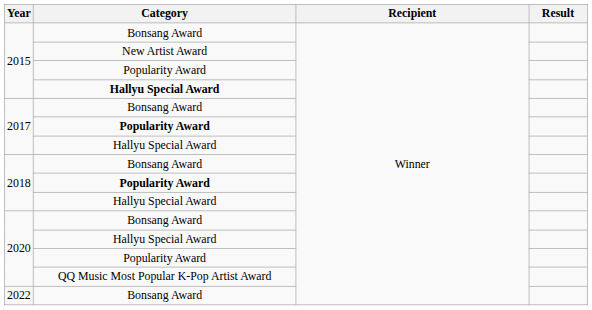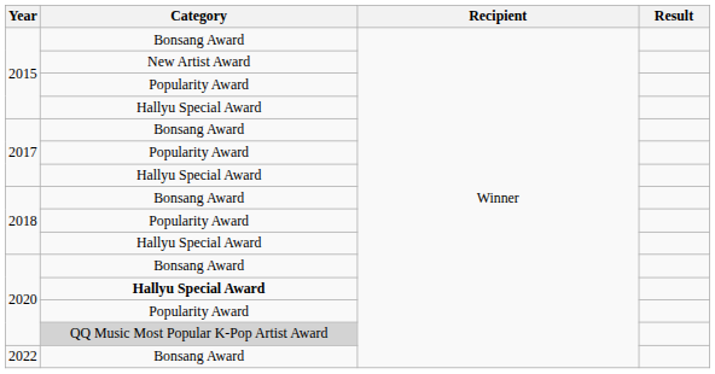 <table class="wikitable" style="text-align:center">
 <tr>
 <th width="5%">Year</th>
 <th width="45%">Category</th>
 <th width="40%">Recipient</th>
 <th width="10%">Result</th>
 </tr>
 <tr>
 <td rowspan="4">2015</td>
 <td>Bonsang Award</td>
 <td rowspan="15">Winner</td>
 <td></td>
 </tr>
 <tr>
 <td>New Artist Award</td>
 <td></td>
 </tr>
 <tr>
 <td>Popularity Award</td>
 <td></td>
 </tr>
 <tr>
-<td><strong>Hallyu Special Award</strong></td>
+<td>Hallyu Special Award</td>
 <td></td>
 </tr>
 <tr>
 <td rowspan="3">2017</td>
 <td>Bonsang Award</td>
 <td></td>
 </tr>
 <tr>
-<td><strong>Popularity Award</strong></td>
+<td>Popularity Award</td>
 <td></td>
 </tr>
 <tr>
 <td>Hallyu Special Award</td>
 <td></td>
 </tr>
 <tr>
 <td rowspan="3">2018</td>
 <td>Bonsang Award</td>
 <td></td>
 </tr>
 <tr>
-<td><strong>Popularity Award</strong></td>
+<td>Popularity Award</td>
 <td></td>
 </tr>
 <tr>
 <td>Hallyu Special Award</td>
 <td></td>
 </tr>
 <tr>
 <td rowspan = "4">2020</td>
 <td>Bonsang Award</td>
 <td></td>
 </tr>
 <tr>
-<td>Hallyu Special Award</td>
+<td><strong>Hallyu Special Award</strong></td>
 <td></td>
 </tr>
 <tr>
 <td>Popularity Award</td>
 <td></td>
 </tr>
 <tr>
-<td>QQ Music Most Popular K-Pop Artist Award</td>
+<td style="background: lightgrey;">QQ Music Most Popular K-Pop Artist Award</td>
 <td></td>
 </tr>
 <tr>
 <td>2022</td>
 <td>Bonsang Award</td>
 <td></td>
 </tr>
 </table>
